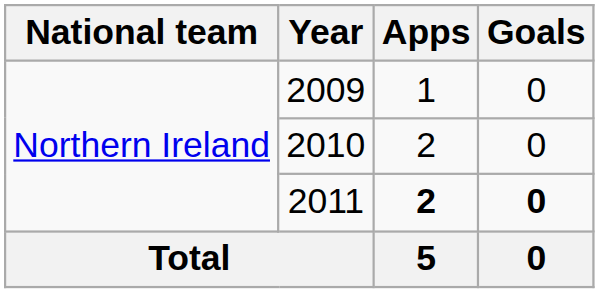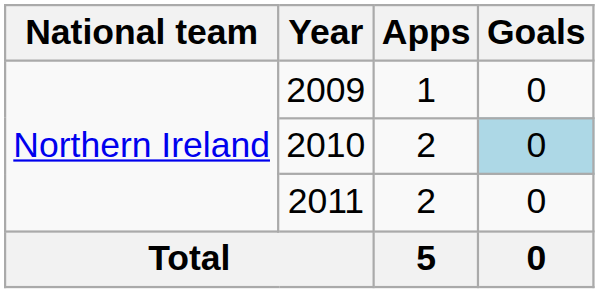 <table class=wikitable style="text-align: center">
 <tr>
 <th>National team</th>
 <th>Year</th>
 <th>Apps</th>
 <th>Goals</th>
 </tr>
 <tr>
 <td rowspan=3><a href='#'>Northern Ireland</a></td>
 <td>2009</td>
 <td>1</td>
 <td>0</td>
 </tr>
 <tr>
 <td>2010</td>
 <td>2</td>
-<td>0</td>
+<td style="background: lightblue;">0</td>
 </tr>
 <tr>
 <td>2011</td>
-<td><strong>2</strong></td>
-<td><strong>0</strong></td>
+<td>2</td>
+<td>0</td>
 </tr>
 <tr>
 <th colspan=2>Total</th>
 <th>5</th>
 <th>0</th>
 </tr>
 </table>
